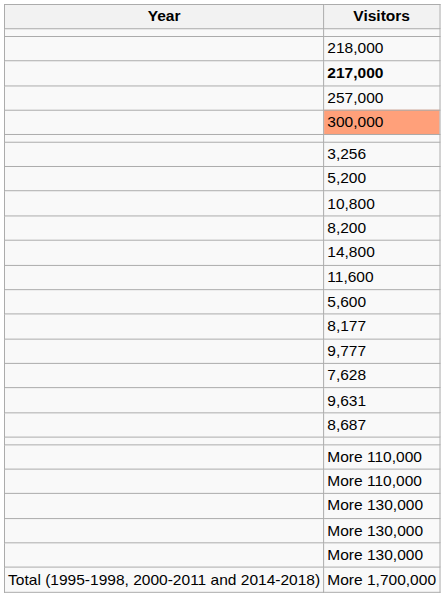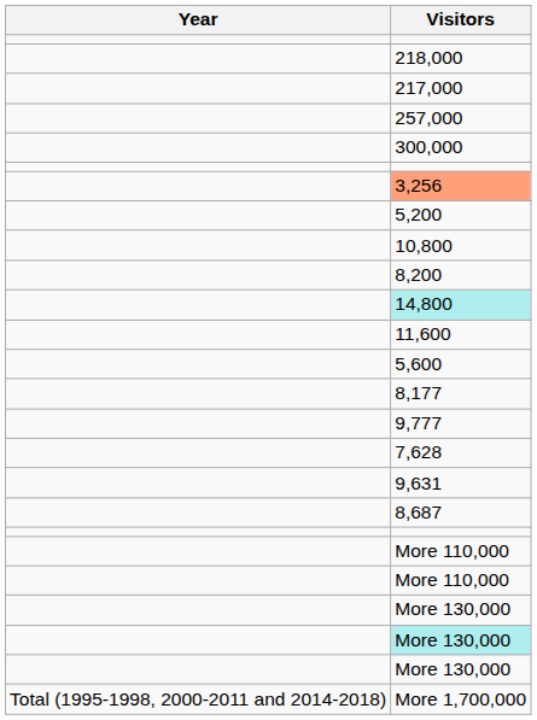 <table class="wikitable sortable">
 <tr>
 <th>Year</th>
 <th>Visitors</th>
 </tr>
 <tr>
 <td></td>
 <td></td>
 </tr>
 <tr>
 <td></td>
 <td> 218,000</td>
 </tr>
 <tr>
 <td></td>
-<td><strong> 217,000</strong></td>
+<td> 217,000</td>
 </tr>
 <tr>
 <td></td>
 <td> 257,000</td>
 </tr>
 <tr>
 <td></td>
-<td style="background: lightsalmon;"> 300,000</td>
+<td> 300,000</td>
 </tr>
 <tr>
 <td></td>
 <td></td>
 </tr>
 <tr>
 <td></td>
-<td> 3,256</td>
+<td style="background: lightsalmon;"> 3,256</td>
 </tr>
 <tr>
 <td></td>
 <td> 5,200</td>
 </tr>
 <tr>
 <td></td>
 <td> 10,800</td>
 </tr>
 <tr>
 <td></td>
 <td> 8,200</td>
 </tr>
 <tr>
 <td></td>
-<td> 14,800</td>
+<td style="background: paleturquoise;"> 14,800</td>
 </tr>
 <tr>
 <td></td>
 <td> 11,600</td>
 </tr>
 <tr>
 <td></td>
 <td> 5,600</td>
 </tr>
 <tr>
 <td></td>
 <td> 8,177</td>
 </tr>
 <tr>
 <td></td>
 <td> 9,777</td>
 </tr>
 <tr>
 <td></td>
 <td> 7,628</td>
 </tr>
 <tr>
 <td></td>
 <td> 9,631</td>
 </tr>
 <tr>
 <td></td>
 <td> 8,687</td>
 </tr>
 <tr>
 <td></td>
 <td></td>
 </tr>
 <tr>
 <td></td>
 <td> More 110,000</td>
 </tr>
 <tr>
 <td></td>
 <td> More 110,000</td>
 </tr>
 <tr>
 <td></td>
 <td> More 130,000</td>
 </tr>
 <tr>
 <td></td>
-<td> More 130,000</td>
+<td style="background: paleturquoise;"> More 130,000</td>
 </tr>
 <tr>
 <td></td>
 <td> More 130,000</td>
 </tr>
 <tr>
 <td>Total (1995-1998, 2000-2011 and 2014-2018)</td>
 <td>More 1,700,000</td>
 </tr>
 </table>
